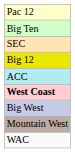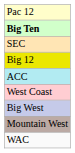 <table class="wikitable">
 <tr>
 <td bgcolor="#FFFECA">Pac 12</td>
 </tr>
 <tr>
-<td bgcolor="#D1FFCA">Big Ten</td>
+<td bgcolor="#D1FFCA"><strong>Big Ten</strong></td>
 </tr>
 <tr>
 <td bgcolor="#FFE5B4">SEC</td>
 </tr>
 <tr>
 <td bgcolor="#EBE701">Big 12</td>
 </tr>
 <tr>
 <td bgcolor="#B2EBF2">ACC</td>
 </tr>
 <tr>
-<td bgcolor="#FFCDD2"><strong>West Coast</strong></td>
+<td bgcolor="#FFCDD2">West Coast</td>
 </tr>
 <tr>
 <td bgcolor="#C5CAE9">Big West</td>
 </tr>
 <tr>
 <td bgcolor="#BCAAA4">Mountain West</td>
 </tr>
 <tr>
 <td bgcolor="#FAFAFA">WAC</td>
 </tr>
 </table>
